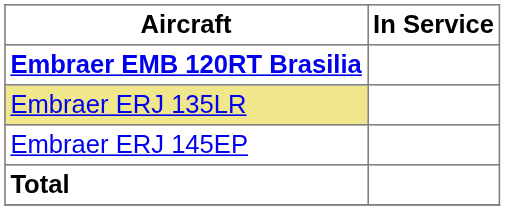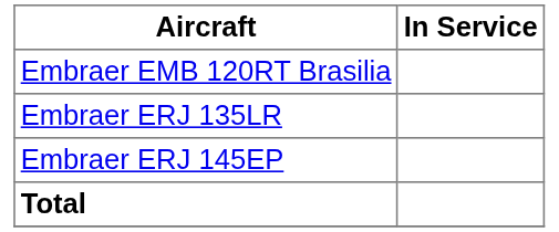 <table class="toccolours sortable" border="1" cellpadding="3" style="margin:1em auto; border-collapse:collapse">
 <tr>
 <th>Aircraft</th>
 <th>In Service</th>
 </tr>
 <tr>
-<td><strong><a href='#'>Embraer EMB 120RT Brasilia</a></strong></td>
+<td><a href='#'>Embraer EMB 120RT Brasilia</a></td>
 <td></td>
 </tr>
 <tr>
-<td style="background: khaki;"><a href='#'>Embraer ERJ 135LR</a></td>
+<td><a href='#'>Embraer ERJ 135LR</a></td>
 <td></td>
 </tr>
 <tr>
 <td><a href='#'>Embraer ERJ 145EP</a></td>
 <td></td>
 </tr>
 <tr>
 <td><strong>Total</strong></td>
 <td></td>
 </tr>
 <tr>
 </tr>
 </table>
